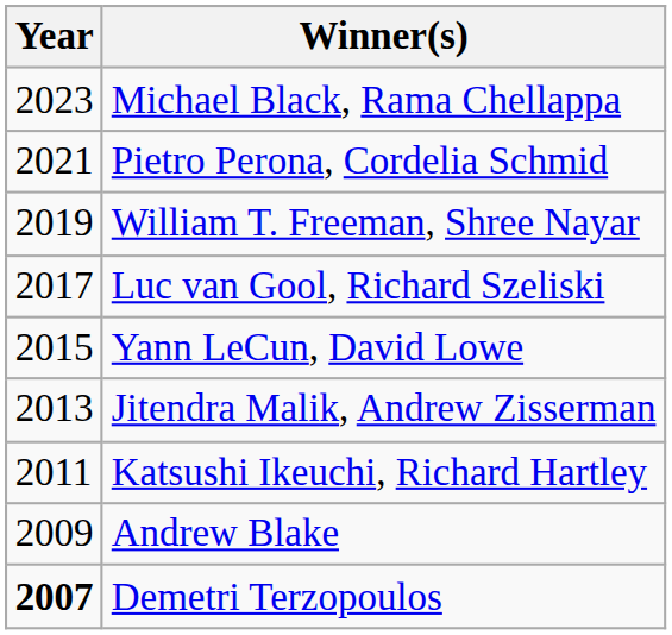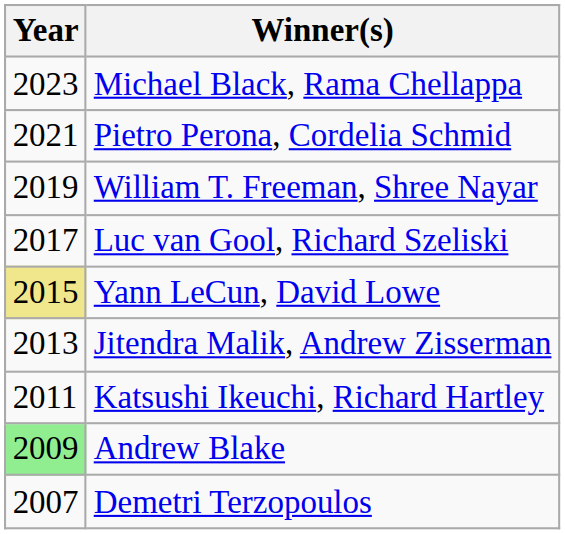 <table class="wikitable sortable">
 <tr>
 <th>Year</th>
 <th>Winner(s)</th>
 </tr>
 <tr>
 <td>2023</td>
 <td><a href='#'>Michael Black</a>, <a href='#'>Rama Chellappa</a></td>
 </tr>
 <tr>
 <td>2021</td>
 <td><a href='#'>Pietro Perona</a>, <a href='#'>Cordelia Schmid</a></td>
 </tr>
 <tr>
 <td>2019</td>
 <td><a href='#'>William T. Freeman</a>, <a href='#'>Shree Nayar</a></td>
 </tr>
 <tr>
 <td>2017</td>
 <td><a href='#'>Luc van Gool</a>, <a href='#'>Richard Szeliski</a></td>
 </tr>
 <tr>
-<td>2015</td>
+<td style="background: khaki;">2015</td>
 <td><a href='#'>Yann LeCun</a>, <a href='#'>David Lowe</a></td>
 </tr>
 <tr>
 <td>2013</td>
 <td><a href='#'>Jitendra Malik</a>, <a href='#'>Andrew Zisserman</a></td>
 </tr>
 <tr>
 <td>2011</td>
 <td><a href='#'>Katsushi Ikeuchi</a>, <a href='#'>Richard Hartley</a></td>
 </tr>
 <tr>
-<td>2009</td>
+<td style="background: lightgreen;">2009</td>
 <td><a href='#'>Andrew Blake</a></td>
 </tr>
 <tr>
-<td><strong>2007</strong></td>
+<td>2007</td>
 <td><a href='#'>Demetri Terzopoulos</a></td>
 </tr>
 </table>
